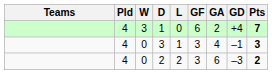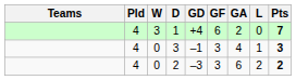 <table class="wikitable" style="text-align: center;">
 <tr>
 <th width=165>Teams</th>
 <th width=20>Pld</th>
 <th width=20>W</th>
 <th width=20>D</th>
-<th width=20>L</th>
+<th width=20>GD</th>
 <th width=20>GF</th>
 <th width=20>GA</th>
-<th width=20>GD</th>
+<th width=20>L</th>
 <th width=20>Pts</th>
 </tr>
 <tr align=center style="background:#ccffcc;">
 <td style="text-align:left;"></td>
 <td>4</td>
 <td>3</td>
 <td>1</td>
-<td>0</td>
+<td>+4</td>
 <td>6</td>
 <td>2</td>
-<td>+4</td>
+<td>0</td>
 <td><strong>7</strong></td>
 </tr>
 <tr align=center>
 <td style="text-align:left;"></td>
 <td>4</td>
 <td>0</td>
 <td>3</td>
-<td>1</td>
+<td>–1</td>
 <td>3</td>
 <td>4</td>
-<td>–1</td>
+<td>1</td>
 <td><strong>3</strong></td>
 </tr>
 <tr align=center>
 <td style="text-align:left;"></td>
 <td>4</td>
 <td>0</td>
 <td>2</td>
-<td>2</td>
+<td>–3</td>
 <td>3</td>
 <td>6</td>
-<td>–3</td>
+<td>2</td>
 <td><strong>2</strong></td>
 </tr>
 </table>
